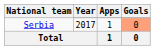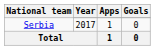 <table class="wikitable" style="text-align:center">
 <tr>
 <th>National team</th>
 <th>Year</th>
 <th>Apps</th>
 <th>Goals</th>
 </tr>
 <tr>
 <td rowspan="2"><a href='#'>Serbia</a></td>
 </tr>
 <tr>
 <td>2017</td>
 <td>1</td>
-<td style="background: lightsalmon;">0</td>
+<td>0</td>
 </tr>
 <tr>
 <th colspan="2">Total</th>
 <th>1</th>
 <th>0</th>
 </tr>
 </table>
